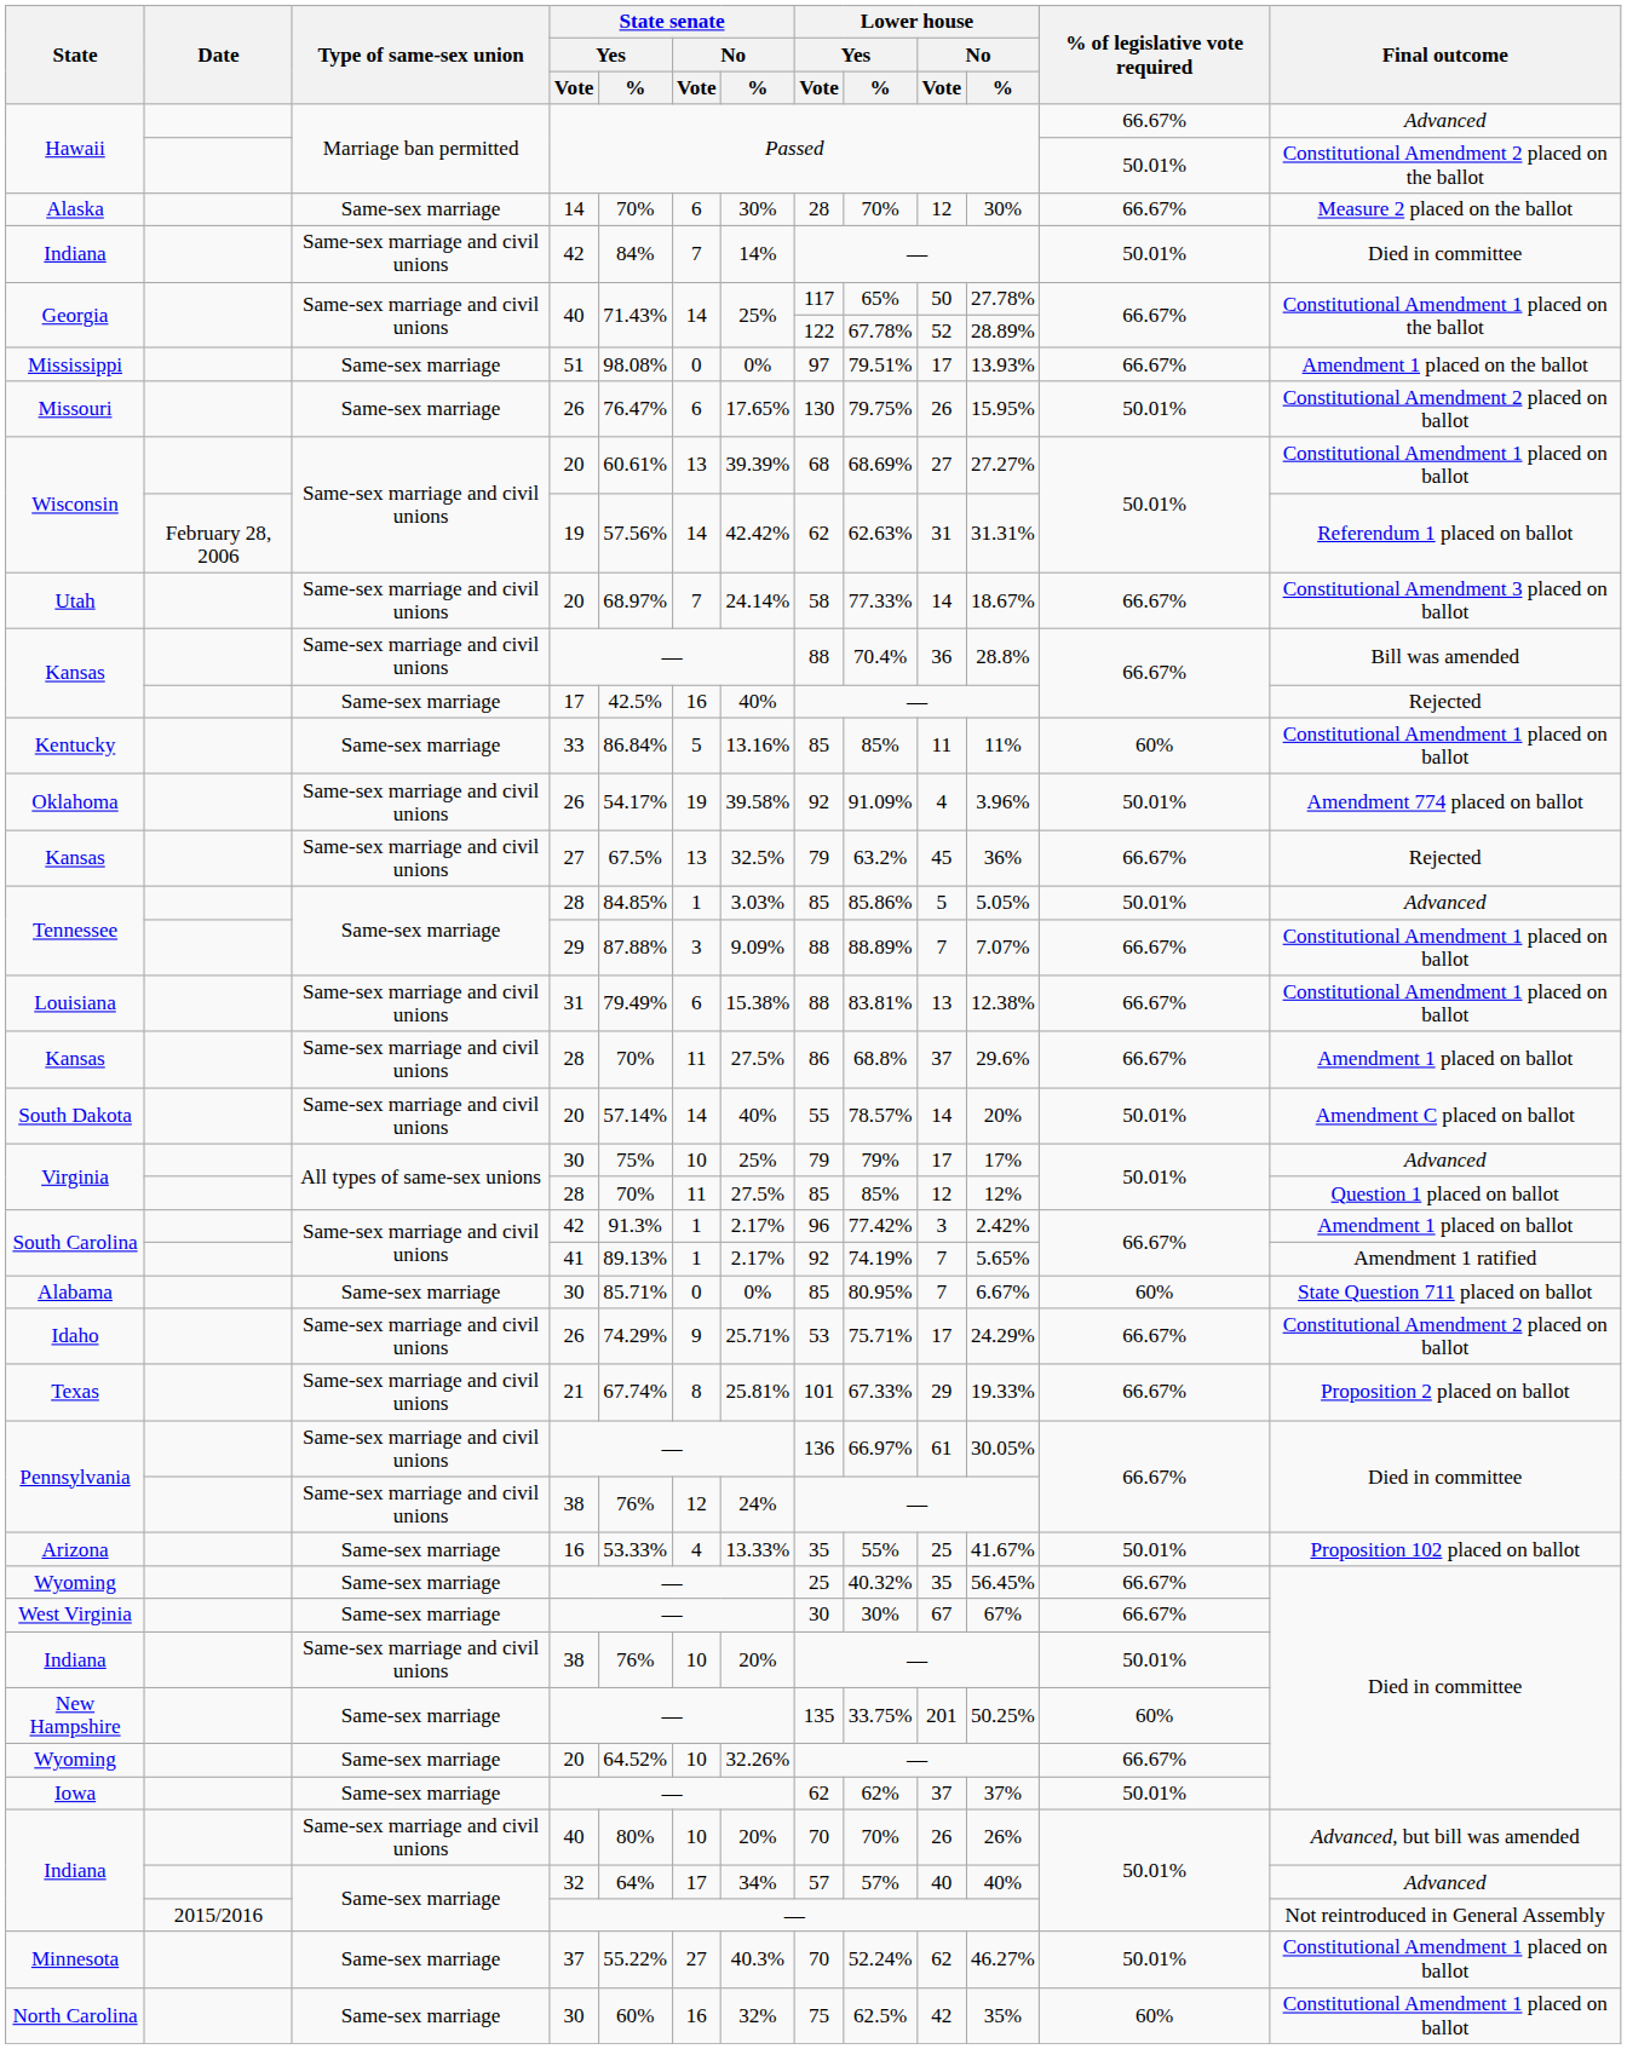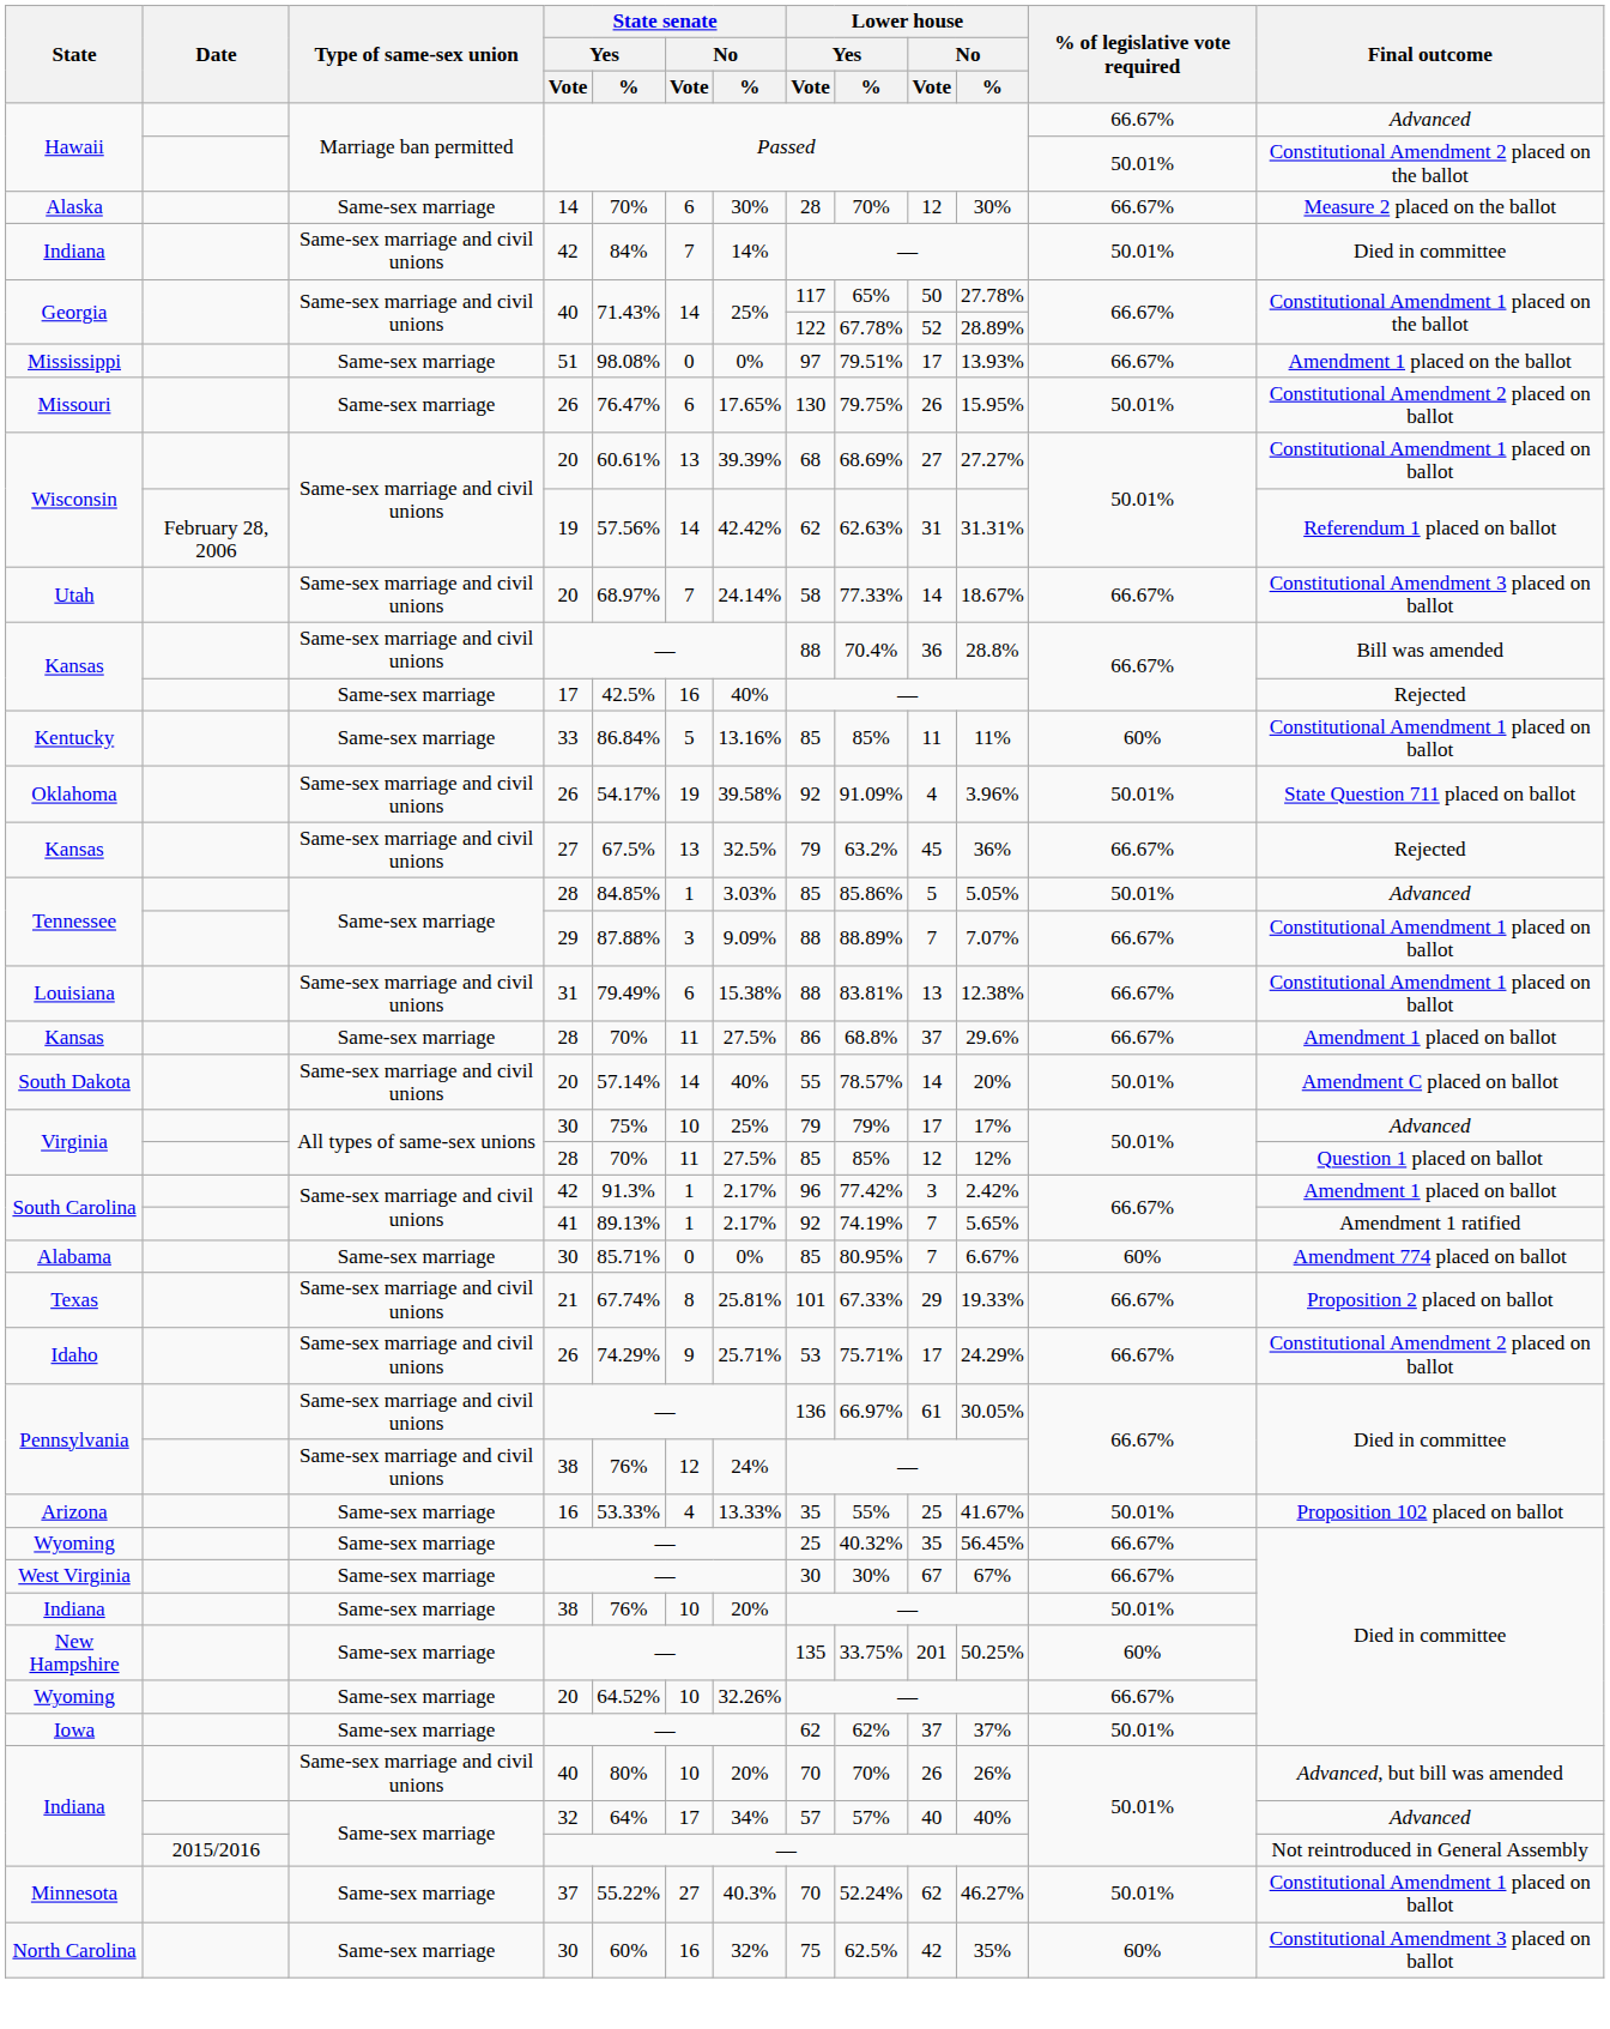 <table class="wikitable sortable" style="text-align: center">
 <tr>
 <th rowspan=3>State</th>
 <th rowspan=3>Date</th>
 <th rowspan=3>Type of same-sex union</th>
 <th colspan=4><a href='#'>State senate</a></th>
 <th colspan=4>Lower house</th>
 <th rowspan=3>% of legislative vote required</th>
 <th rowspan=3>Final outcome</th>
 </tr>
 <tr>
 <th colspan=2>Yes</th>
 <th colspan=2>No</th>
 <th colspan=2>Yes</th>
 <th colspan=2>No</th>
 </tr>
 <tr>
 <th>Vote</th>
 <th>%</th>
 <th>Vote</th>
 <th>%</th>
 <th>Vote</th>
 <th>%</th>
 <th>Vote</th>
 <th>%</th>
 </tr>
 <tr>
 <td rowspan=2> <a href='#'>Hawaii</a></td>
 <td></td>
 <td rowspan=2>Marriage ban permitted</td>
 <td rowspan=2 colspan=8><em>Passed</em></td>
 <td>66.67%</td>
 <td><em>Advanced</em></td>
 </tr>
 <tr>
 <td></td>
 <td>50.01%</td>
 <td> <a href='#'>Constitutional Amendment 2</a> placed on the ballot</td>
 </tr>
 <tr>
 <td> <a href='#'>Alaska</a></td>
 <td></td>
 <td>Same-sex marriage</td>
 <td>14</td>
 <td>70%</td>
 <td>6</td>
 <td>30%</td>
 <td>28</td>
 <td>70%</td>
 <td>12</td>
 <td>30%</td>
 <td>66.67%</td>
 <td> <a href='#'>Measure 2</a> placed on the ballot</td>
 </tr>
 <tr>
 <td> <a href='#'>Indiana</a></td>
 <td></td>
 <td>Same-sex marriage and civil unions</td>
 <td>42</td>
 <td>84%</td>
 <td>7</td>
 <td>14%</td>
 <td colspan=4>—</td>
 <td>50.01%</td>
 <td> Died in committee</td>
 </tr>
 <tr>
 <td rowspan=2> <a href='#'>Georgia</a></td>
 <td rowspan=2><br></td>
 <td rowspan=2>Same-sex marriage and civil unions</td>
 <td rowspan=2>40</td>
 <td rowspan=2>71.43%</td>
 <td rowspan=2>14</td>
 <td rowspan=2>25%</td>
 <td>117</td>
 <td>65%</td>
 <td>50</td>
 <td>27.78%</td>
 <td rowspan=2>66.67%</td>
 <td rowspan=2> <a href='#'>Constitutional Amendment 1</a> placed on the ballot</td>
 </tr>
 <tr>
 <td>122</td>
 <td>67.78%</td>
 <td>52</td>
 <td>28.89%</td>
 </tr>
 <tr>
 <td> <a href='#'>Mississippi</a></td>
 <td><br></td>
 <td>Same-sex marriage</td>
 <td>51</td>
 <td>98.08%</td>
 <td>0</td>
 <td>0%</td>
 <td>97</td>
 <td>79.51%</td>
 <td>17</td>
 <td>13.93%</td>
 <td>66.67%</td>
 <td> <a href='#'>Amendment 1</a> placed on the ballot</td>
 </tr>
 <tr>
 <td> <a href='#'>Missouri</a></td>
 <td><br></td>
 <td>Same-sex marriage</td>
 <td>26</td>
 <td>76.47%</td>
 <td>6</td>
 <td>17.65%</td>
 <td>130</td>
 <td>79.75%</td>
 <td>26</td>
 <td>15.95%</td>
 <td>50.01%</td>
 <td> <a href='#'>Constitutional Amendment 2</a> placed on ballot</td>
 </tr>
 <tr>
 <td rowspan=2> <a href='#'>Wisconsin</a></td>
 <td><br></td>
 <td rowspan=2>Same-sex marriage and civil unions</td>
 <td>20</td>
 <td>60.61%</td>
 <td>13</td>
 <td>39.39%</td>
 <td>68</td>
 <td>68.69%</td>
 <td>27</td>
 <td>27.27%</td>
 <td rowspan=2>50.01%</td>
 <td> <a href='#'>Constitutional Amendment 1</a> placed on ballot</td>
 </tr>
 <tr>
 <td><br>February 28, 2006</td>
 <td>19</td>
 <td>57.56%</td>
 <td>14</td>
 <td>42.42%</td>
 <td>62</td>
 <td>62.63%</td>
 <td>31</td>
 <td>31.31%</td>
 <td> <a href='#'>Referendum 1</a> placed on ballot</td>
 </tr>
 <tr>
 <td> <a href='#'>Utah</a></td>
 <td></td>
 <td>Same-sex marriage and civil unions</td>
 <td>20</td>
 <td>68.97%</td>
 <td>7</td>
 <td>24.14%</td>
 <td>58</td>
 <td>77.33%</td>
 <td>14</td>
 <td>18.67%</td>
 <td>66.67%</td>
 <td> <a href='#'>Constitutional Amendment 3</a> placed on ballot</td>
 </tr>
 <tr>
 <td rowspan=2> <a href='#'>Kansas</a></td>
 <td><br></td>
 <td>Same-sex marriage and civil unions</td>
 <td colspan=4>—</td>
 <td>88</td>
 <td>70.4%</td>
 <td>36</td>
 <td>28.8%</td>
 <td rowspan=2>66.67%</td>
 <td> Bill was amended</td>
 </tr>
 <tr>
 <td><br></td>
 <td>Same-sex marriage</td>
 <td>17</td>
 <td>42.5%</td>
 <td>16</td>
 <td>40%</td>
 <td colspan=4>—</td>
 <td> Rejected</td>
 </tr>
 <tr>
 <td> <a href='#'>Kentucky</a></td>
 <td><br></td>
 <td>Same-sex marriage</td>
 <td>33</td>
 <td>86.84%</td>
 <td>5</td>
 <td>13.16%</td>
 <td>85</td>
 <td>85%</td>
 <td>11</td>
 <td>11%</td>
 <td>60%</td>
 <td> <a href='#'>Constitutional Amendment 1</a> placed on ballot</td>
 </tr>
 <tr>
 <td> <a href='#'>Oklahoma</a></td>
 <td><br></td>
 <td>Same-sex marriage and civil unions</td>
 <td>26</td>
 <td>54.17%</td>
 <td>19</td>
 <td>39.58%</td>
 <td>92</td>
 <td>91.09%</td>
 <td>4</td>
 <td>3.96%</td>
 <td>50.01%</td>
-<td> <a href='#'>Amendment 774</a> placed on ballot</td>
+<td> <a href='#'>State Question 711</a> placed on ballot</td>
 </tr>
 <tr>
 <td> <a href='#'>Kansas</a></td>
 <td><br></td>
 <td>Same-sex marriage and civil unions</td>
 <td>27</td>
 <td>67.5%</td>
 <td>13</td>
 <td>32.5%</td>
 <td>79</td>
 <td>63.2%</td>
 <td>45</td>
 <td>36%</td>
 <td>66.67%</td>
 <td> Rejected</td>
 </tr>
 <tr>
 <td rowspan="2"> <a href='#'>Tennessee</a></td>
 <td><br></td>
 <td rowspan="2">Same-sex marriage</td>
 <td>28</td>
 <td>84.85%</td>
 <td>1</td>
 <td>3.03%</td>
 <td>85</td>
 <td>85.86%</td>
 <td>5</td>
 <td>5.05%</td>
 <td>50.01%</td>
 <td><em>Advanced</em></td>
 </tr>
 <tr>
 <td><br></td>
 <td>29</td>
 <td>87.88%</td>
 <td>3</td>
 <td>9.09%</td>
 <td>88</td>
 <td>88.89%</td>
 <td>7</td>
 <td>7.07%</td>
 <td>66.67%</td>
 <td> <a href='#'>Constitutional Amendment 1</a> placed on ballot</td>
 </tr>
 <tr>
 <td> <a href='#'>Louisiana</a></td>
 <td><br></td>
 <td>Same-sex marriage and civil unions</td>
 <td>31</td>
 <td>79.49%</td>
 <td>6</td>
 <td>15.38%</td>
 <td>88</td>
 <td>83.81%</td>
 <td>13</td>
 <td>12.38%</td>
 <td>66.67%</td>
 <td> <a href='#'>Constitutional Amendment 1</a> placed on ballot</td>
 </tr>
 <tr>
 <td> <a href='#'>Kansas</a></td>
 <td><br></td>
-<td>Same-sex marriage and civil unions</td>
+<td>Same-sex marriage</td>
 <td>28</td>
 <td>70%</td>
 <td>11</td>
 <td>27.5%</td>
 <td>86</td>
 <td>68.8%</td>
 <td>37</td>
 <td>29.6%</td>
 <td>66.67%</td>
 <td> <a href='#'>Amendment 1</a> placed on ballot</td>
 </tr>
 <tr>
 <td> <a href='#'>South Dakota</a></td>
 <td><br></td>
 <td>Same-sex marriage and civil unions</td>
 <td>20</td>
 <td>57.14%</td>
 <td>14</td>
 <td>40%</td>
 <td>55</td>
 <td>78.57%</td>
 <td>14</td>
 <td>20%</td>
 <td>50.01%</td>
 <td> <a href='#'>Amendment C</a> placed on ballot</td>
 </tr>
 <tr>
 <td rowspan="2"> <a href='#'>Virginia</a></td>
 <td></td>
 <td rowspan="2">All types of same-sex unions</td>
 <td>30</td>
 <td>75%</td>
 <td>10</td>
 <td>25%</td>
 <td>79</td>
 <td>79%</td>
 <td>17</td>
 <td>17%</td>
 <td rowspan="2">50.01%</td>
 <td><em>Advanced</em></td>
 </tr>
 <tr>
 <td><br></td>
 <td>28</td>
 <td>70%</td>
 <td>11</td>
 <td>27.5%</td>
 <td>85</td>
 <td>85%</td>
 <td>12</td>
 <td>12%</td>
 <td> <a href='#'>Question 1</a> placed on ballot</td>
 </tr>
 <tr>
 <td rowspan="2"> <a href='#'>South Carolina</a></td>
 <td><br></td>
 <td rowspan="2">Same-sex marriage and civil unions</td>
 <td>42</td>
 <td>91.3%</td>
 <td>1</td>
 <td>2.17%</td>
 <td>96</td>
 <td>77.42%</td>
 <td>3</td>
 <td>2.42%</td>
 <td rowspan="2">66.67%</td>
 <td> <a href='#'>Amendment 1</a> placed on ballot</td>
 </tr>
 <tr>
 <td><br></td>
 <td>41</td>
 <td>89.13%</td>
 <td>1</td>
 <td>2.17%</td>
 <td>92</td>
 <td>74.19%</td>
 <td>7</td>
 <td>5.65%</td>
 <td> Amendment 1 ratified</td>
 </tr>
 <tr>
 <td> <a href='#'>Alabama</a></td>
 <td><br></td>
 <td>Same-sex marriage</td>
 <td>30</td>
 <td>85.71%</td>
 <td>0</td>
 <td>0%</td>
 <td>85</td>
 <td>80.95%</td>
 <td>7</td>
 <td>6.67%</td>
 <td>60%</td>
-<td> <a href='#'>State Question 711</a> placed on ballot</td>
+<td> <a href='#'>Amendment 774</a> placed on ballot</td>
+</tr>
+<tr>
+<td> <a href='#'>Texas</a></td>
+<td><br></td>
+<td>Same-sex marriage and civil unions</td>
+<td>21</td>
+<td>67.74%</td>
+<td>8</td>
+<td>25.81%</td>
+<td>101</td>
+<td>67.33%</td>
+<td>29</td>
+<td>19.33%</td>
+<td>66.67%</td>
+<td> <a href='#'>Proposition 2</a> placed on ballot</td>
 </tr>
 <tr>
 <td> <a href='#'>Idaho</a></td>
 <td><br></td>
 <td>Same-sex marriage and civil unions</td>
 <td>26</td>
 <td>74.29%</td>
 <td>9</td>
 <td>25.71%</td>
 <td>53</td>
 <td>75.71%</td>
 <td>17</td>
 <td>24.29%</td>
 <td>66.67%</td>
 <td> <a href='#'>Constitutional Amendment 2</a> placed on ballot</td>
-</tr>
-<tr>
-<td> <a href='#'>Texas</a></td>
-<td><br></td>
-<td>Same-sex marriage and civil unions</td>
-<td>21</td>
-<td>67.74%</td>
-<td>8</td>
-<td>25.81%</td>
-<td>101</td>
-<td>67.33%</td>
-<td>29</td>
-<td>19.33%</td>
-<td>66.67%</td>
-<td> <a href='#'>Proposition 2</a> placed on ballot</td>
 </tr>
 <tr>
 <td rowspan="2"> <a href='#'>Pennsylvania</a></td>
 <td></td>
 <td>Same-sex marriage and civil unions</td>
 <td colspan="4">—</td>
 <td>136</td>
 <td>66.97%</td>
 <td>61</td>
 <td>30.05%</td>
 <td rowspan="2">66.67%</td>
 <td rowspan="2"> Died in committee</td>
 </tr>
 <tr>
 <td></td>
 <td>Same-sex marriage and civil unions</td>
 <td>38</td>
 <td>76%</td>
 <td>12</td>
 <td>24%</td>
 <td colspan="4">—</td>
 </tr>
 <tr>
 <td> <a href='#'>Arizona</a></td>
 <td><br></td>
 <td>Same-sex marriage</td>
 <td>16</td>
 <td>53.33%</td>
 <td>4</td>
 <td>13.33%</td>
 <td>35</td>
 <td>55%</td>
 <td>25</td>
 <td>41.67%</td>
 <td>50.01%</td>
 <td> <a href='#'>Proposition 102</a> placed on ballot</td>
 </tr>
 <tr>
 <td> <a href='#'>Wyoming</a></td>
 <td></td>
 <td>Same-sex marriage</td>
 <td colspan="4">—</td>
 <td>25</td>
 <td>40.32%</td>
 <td>35</td>
 <td>56.45%</td>
 <td>66.67%</td>
 <td rowspan="6"> Died in committee</td>
 </tr>
 <tr>
 <td> <a href='#'>West Virginia</a></td>
 <td></td>
 <td>Same-sex marriage</td>
 <td colspan="4">—</td>
 <td>30</td>
 <td>30%</td>
 <td>67</td>
 <td>67%</td>
 <td>66.67%</td>
 </tr>
 <tr>
 <td> <a href='#'>Indiana</a></td>
 <td></td>
-<td>Same-sex marriage and civil unions</td>
+<td>Same-sex marriage</td>
 <td>38</td>
 <td>76%</td>
 <td>10</td>
 <td>20%</td>
 <td colspan="4">—</td>
 <td>50.01%</td>
 </tr>
 <tr>
 <td> <a href='#'>New Hampshire</a></td>
 <td></td>
 <td>Same-sex marriage</td>
 <td colspan="4">—</td>
 <td>135</td>
 <td>33.75%</td>
 <td>201</td>
 <td>50.25%</td>
 <td>60%</td>
 </tr>
 <tr>
 <td> <a href='#'>Wyoming</a></td>
 <td></td>
 <td>Same-sex marriage</td>
 <td>20</td>
 <td>64.52%</td>
 <td>10</td>
 <td>32.26%</td>
 <td colspan="4">—</td>
 <td>66.67%</td>
 </tr>
 <tr>
 <td> <a href='#'>Iowa</a></td>
 <td></td>
 <td>Same-sex marriage</td>
 <td colspan="4">—</td>
 <td>62</td>
 <td>62%</td>
 <td>37</td>
 <td>37%</td>
 <td>50.01%</td>
 </tr>
 <tr>
 <td rowspan="3"> <a href='#'>Indiana</a></td>
 <td><br></td>
 <td>Same-sex marriage and civil unions</td>
 <td>40</td>
 <td>80%</td>
 <td>10</td>
 <td>20%</td>
 <td>70</td>
 <td>70%</td>
 <td>26</td>
 <td>26%</td>
 <td rowspan="3">50.01%</td>
 <td> <em>Advanced</em>, but bill was amended</td>
 </tr>
 <tr>
 <td><br></td>
 <td rowspan="2">Same-sex marriage</td>
 <td>32</td>
 <td>64%</td>
 <td>17</td>
 <td>34%</td>
 <td>57</td>
 <td>57%</td>
 <td>40</td>
 <td>40%</td>
 <td><em>Advanced</em></td>
 </tr>
 <tr>
 <td>2015/2016<br></td>
 <td colspan="8">—</td>
 <td> Not reintroduced in General Assembly</td>
 </tr>
 <tr>
 <td> <a href='#'>Minnesota</a></td>
 <td><br></td>
 <td>Same-sex marriage</td>
 <td>37</td>
 <td>55.22%</td>
 <td>27</td>
 <td>40.3%</td>
 <td>70</td>
 <td>52.24%</td>
 <td>62</td>
 <td>46.27%</td>
 <td>50.01%</td>
 <td> <a href='#'>Constitutional Amendment 1</a> placed on ballot</td>
 </tr>
 <tr>
 <td> <a href='#'>North Carolina</a></td>
 <td><br></td>
 <td>Same-sex marriage</td>
 <td>30</td>
 <td>60%</td>
 <td>16</td>
 <td>32%</td>
 <td>75</td>
 <td>62.5%</td>
 <td>42</td>
 <td>35%</td>
 <td>60%</td>
-<td> <a href='#'>Constitutional Amendment 1</a> placed on ballot</td>
+<td> <a href='#'>Constitutional Amendment 3</a> placed on ballot</td>
 </tr>
 </table>
